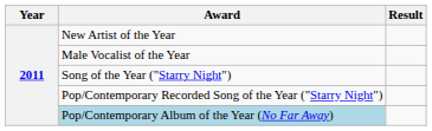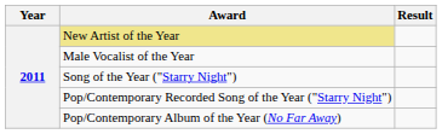 <table class="wikitable">
 <tr>
 <th style="width:60px;">Year</th>
 <th>Award</th>
 <th>Result</th>
 </tr>
 <tr>
 <th rowspan="5"><a href='#'>2011</a></th>
-<td>New Artist of the Year</td>
+<td style="background: khaki;">New Artist of the Year</td>
 <td></td>
 </tr>
 <tr>
 <td>Male Vocalist of the Year</td>
 <td></td>
 </tr>
 <tr>
 <td>Song of the Year ("<a href='#'>Starry Night</a>")</td>
 <td></td>
 </tr>
 <tr>
 <td>Pop/Contemporary Recorded Song of the Year ("<a href='#'>Starry Night</a>")</td>
 <td></td>
 </tr>
 <tr>
-<td style="background: lightblue;">Pop/Contemporary Album of the Year (<em><a href='#'>No Far Away</a></em>)</td>
+<td>Pop/Contemporary Album of the Year (<em><a href='#'>No Far Away</a></em>)</td>
 <td></td>
 </tr>
 </table>
